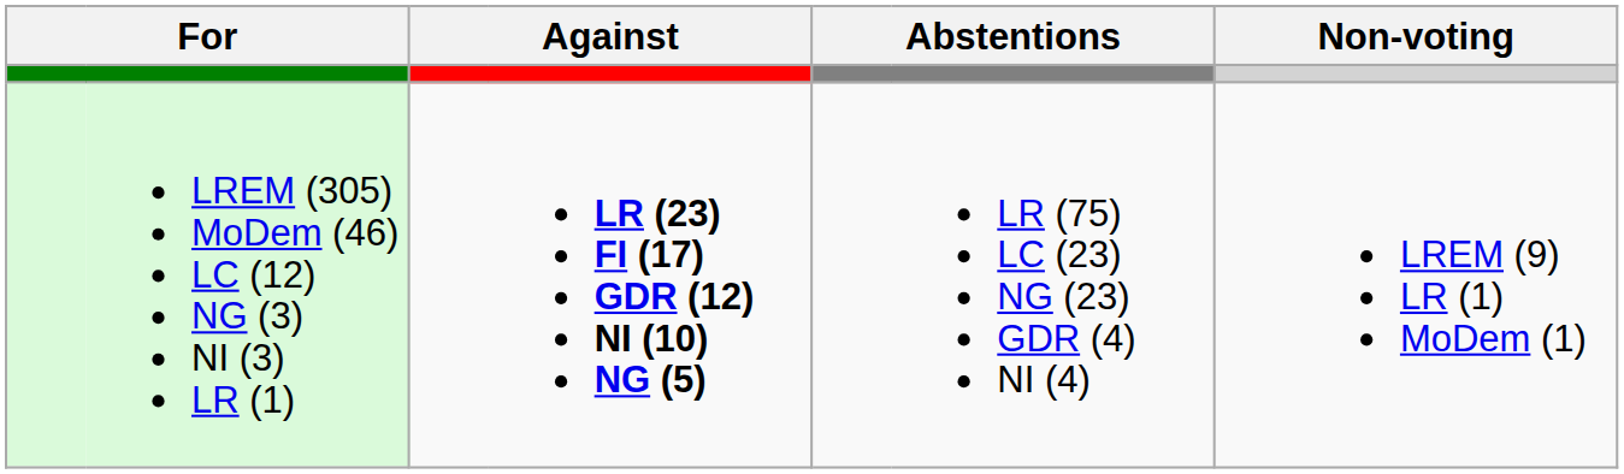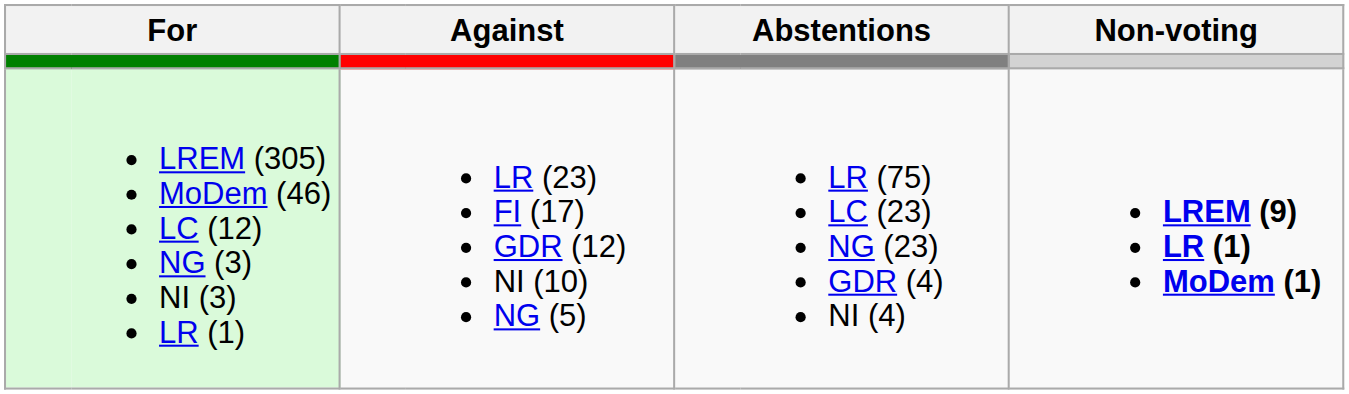 <table class="wikitable" style="font-size:95%;">
 <tr>
 <th colspan="2">For</th>
 <th colspan="2">Against</th>
 <th colspan="2">Abstentions</th>
 <th colspan="2">Non-voting</th>
 </tr>
 <tr>
 <th style="background:green;" colspan="2"></th>
 <th style="background:red;" colspan="2"></th>
 <th style="background:gray;" colspan="2"></th>
 <th style="background:lightgray;" colspan="2"></th>
 </tr>
 <tr>
 <td style="background:#DAFADA;font-size:115%;border-right-style:hidden;" width="25"></td>
 <td style="background:#DAFADA;" width="125"><br><ul><li><a href='#'>LREM</a> (305)</li><li><a href='#'>MoDem</a> (46)</li><li><a href='#'>LC</a> (12)</li><li><a href='#'>NG</a> (3)</li><li>NI (3)</li><li><a href='#'>LR</a> (1)</li></ul></td>
 <td style="font-size:115%;border-right-style:hidden;" width="25"></td>
-<td width="125"><strong><br><ul><li><a href='#'>LR</a> (23)</li><li><a href='#'>FI</a> (17)</li><li><a href='#'>GDR</a> (12)</li><li>NI (10)</li><li><a href='#'>NG</a> (5)</li></ul></strong></td>
+<td width="125"><br><ul><li><a href='#'>LR</a> (23)</li><li><a href='#'>FI</a> (17)</li><li><a href='#'>GDR</a> (12)</li><li>NI (10)</li><li><a href='#'>NG</a> (5)</li></ul></td>
 <td style="font-size:115%;border-right-style:hidden;" width="25"></td>
 <td width="125"><br><ul><li><a href='#'>LR</a> (75)</li><li><a href='#'>LC</a> (23)</li><li><a href='#'>NG</a> (23)</li><li><a href='#'>GDR</a> (4)</li><li>NI (4)</li></ul></td>
 <td style="font-size:115%;border-right-style:hidden;" width="25"></td>
-<td width="125"><br><ul><li><a href='#'>LREM</a> (9)</li><li><a href='#'>LR</a> (1)</li><li><a href='#'>MoDem</a> (1)</li></ul></td>
+<td width="125"><strong><br><ul><li><a href='#'>LREM</a> (9)</li><li><a href='#'>LR</a> (1)</li><li><a href='#'>MoDem</a> (1)</li></ul></strong></td>
 </tr>
 </table>
